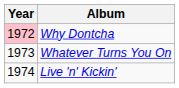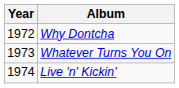 <table class="wikitable">
 <tr>
 <th>Year</th>
 <th>Album</th>
 </tr>
 <tr>
-<td style="background: pink;">1972</td>
+<td>1972</td>
 <td><em><a href='#'>Why Dontcha</a></em></td>
 </tr>
 <tr>
 <td>1973</td>
 <td><em><a href='#'>Whatever Turns You On</a></em></td>
 </tr>
 <tr>
 <td>1974</td>
 <td><em><a href='#'>Live 'n' Kickin'</a></em></td>
 </tr>
 </table>
